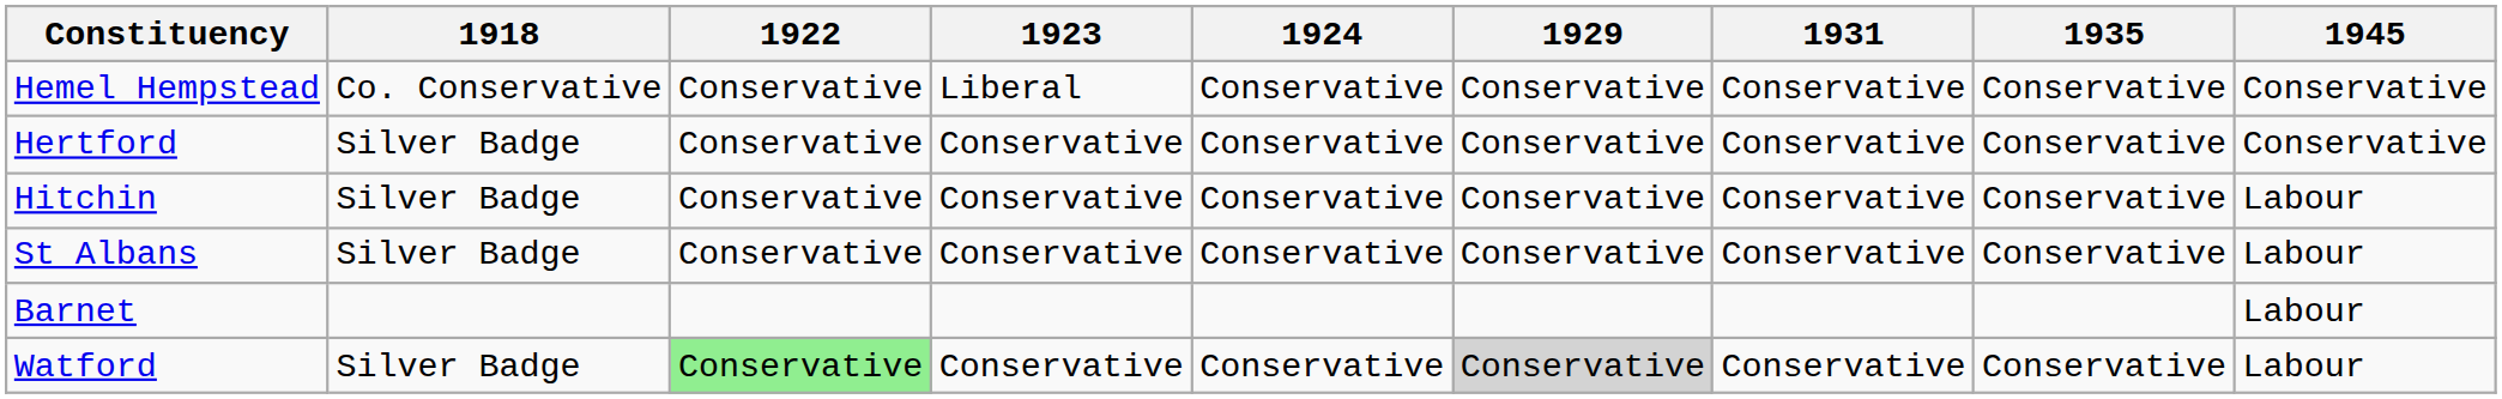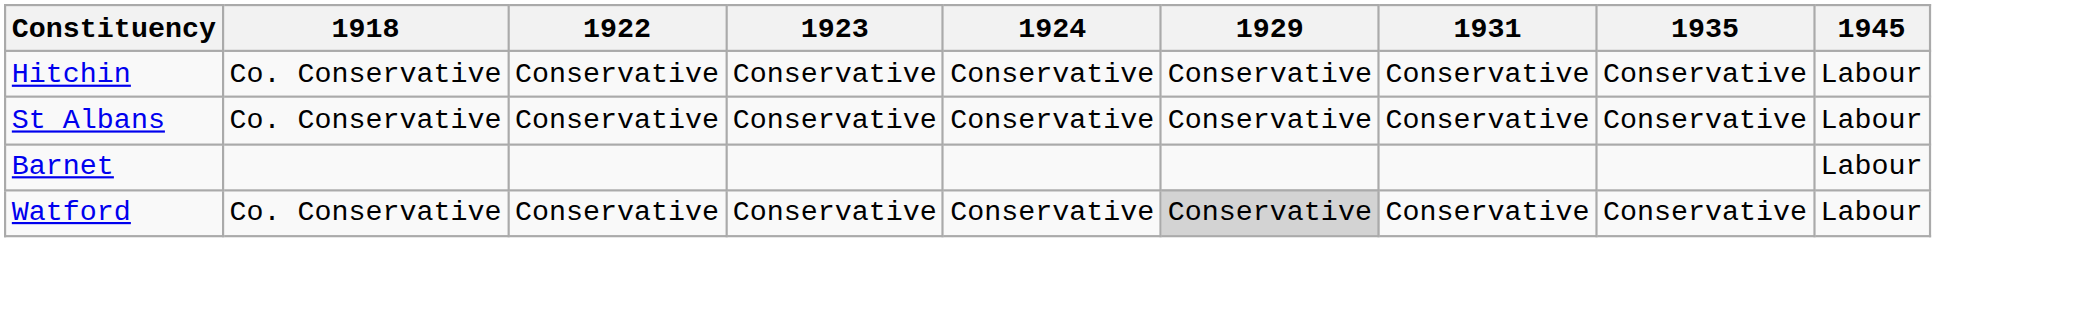 <table class="wikitable">
 <tr>
 <th>Constituency</th>
 <th>1918</th>
 <th>1922</th>
 <th>1923</th>
 <th>1924</th>
 <th>1929</th>
 <th>1931</th>
 <th>1935</th>
 <th>1945</th>
 </tr>
 <tr>
-<td><a href='#'>Hemel Hempstead</a></td>
+<td><a href='#'>Hitchin</a></td>
 <td bgcolor=>Co. Conservative</td>
-<td bgcolor=>Conservative</td>
-<td bgcolor=>Liberal</td>
-<td bgcolor=>Conservative</td>
-<td bgcolor=>Conservative</td>
-<td bgcolor=>Conservative</td>
-<td bgcolor=>Conservative</td>
-<td bgcolor=>Conservative</td>
-</tr>
-<tr>
-<td><a href='#'>Hertford</a></td>
-<td>Silver Badge</td>
-<td bgcolor=>Conservative</td>
-<td bgcolor=>Conservative</td>
-<td bgcolor=>Conservative</td>
-<td bgcolor=>Conservative</td>
-<td bgcolor=>Conservative</td>
-<td bgcolor=>Conservative</td>
-<td bgcolor=>Conservative</td>
-</tr>
-<tr>
-<td><a href='#'>Hitchin</a></td>
-<td>Silver Badge</td>
 <td bgcolor=>Conservative</td>
 <td bgcolor=>Conservative</td>
 <td bgcolor=>Conservative</td>
 <td bgcolor=>Conservative</td>
 <td bgcolor=>Conservative</td>
 <td bgcolor=>Conservative</td>
 <td bgcolor=>Labour</td>
 </tr>
 <tr>
 <td><a href='#'>St Albans</a></td>
-<td>Silver Badge</td>
+<td bgcolor=>Co. Conservative</td>
 <td bgcolor=>Conservative</td>
 <td bgcolor=>Conservative</td>
 <td bgcolor=>Conservative</td>
 <td bgcolor=>Conservative</td>
 <td bgcolor=>Conservative</td>
 <td bgcolor=>Conservative</td>
 <td bgcolor=>Labour</td>
 </tr>
 <tr>
 <td><a href='#'>Barnet</a></td>
 <td></td>
 <td></td>
 <td></td>
 <td></td>
 <td></td>
 <td></td>
 <td></td>
 <td bgcolor=>Labour</td>
 </tr>
 <tr>
 <td><a href='#'>Watford</a></td>
-<td>Silver Badge</td>
-<td style="background: lightgreen;">Conservative</td>
+<td>Co. Conservative</td>
+<td>Conservative</td>
 <td>Conservative</td>
 <td>Conservative</td>
 <td style="background: lightgrey;">Conservative</td>
 <td>Conservative</td>
 <td>Conservative</td>
 <td bgcolor=>Labour</td>
 </tr>
 </table>
